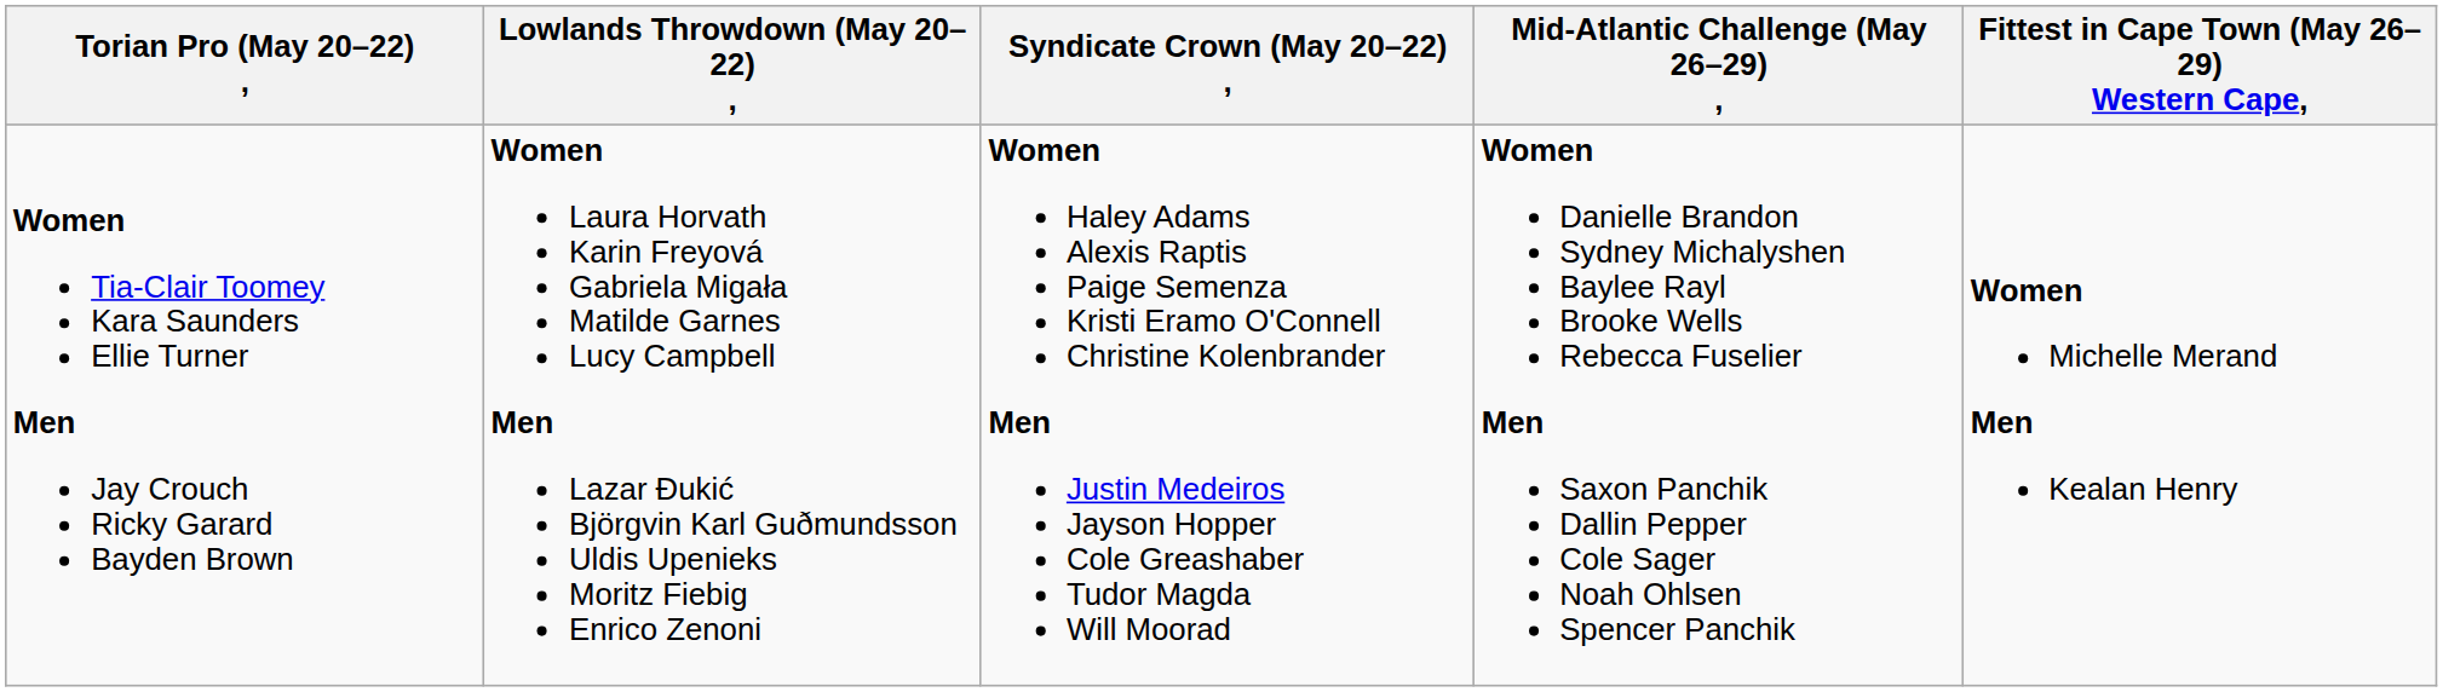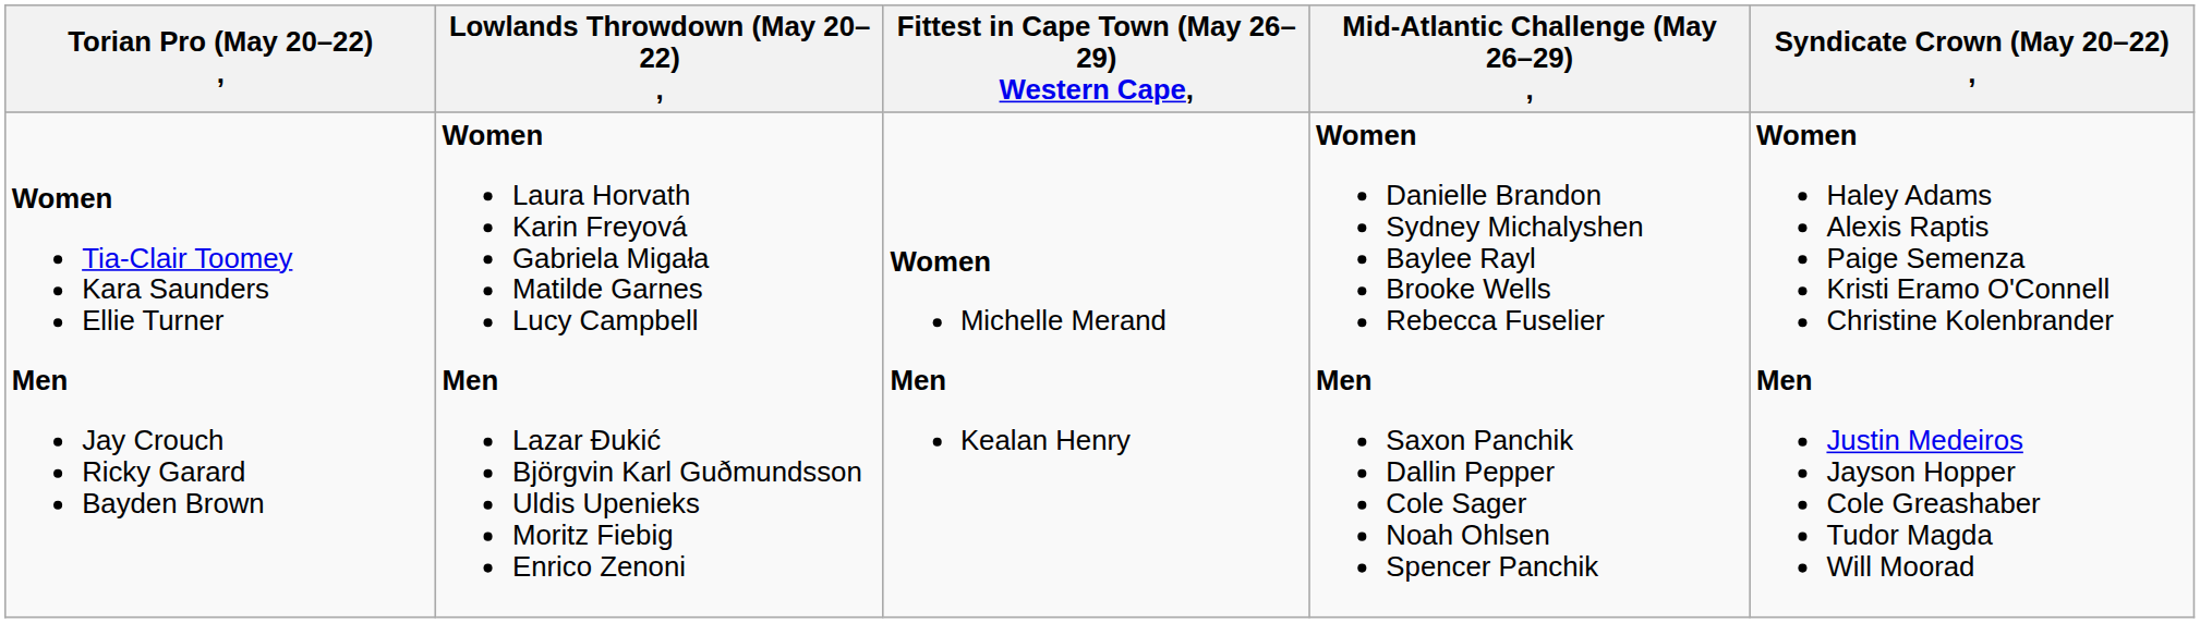 <table class="wikitable">
 <tr>
 <th style="width: 18em;">Torian Pro (May 20–22) <br>, </th>
 <th style="width: 18em;">Lowlands Throwdown (May 20–22)<br> , </th>
+<th style="width: 18em;">Fittest in Cape Town (May 26–29) <br> <a href='#'>Western Cape</a>, </th>
+<th style="width: 18em;">Mid-Atlantic Challenge (May 26–29) <br>, </th>
 <th style="width: 18em;">Syndicate Crown (May 20–22) <br>, </th>
-<th style="width: 18em;">Mid-Atlantic Challenge (May 26–29) <br>, </th>
-<th style="width: 18em;">Fittest in Cape Town (May 26–29) <br> <a href='#'>Western Cape</a>, </th>
 </tr>
 <tr>
 <td><strong>Women</strong><br><ul><li> <a href='#'>Tia-Clair Toomey</a></li><li> Kara Saunders</li><li> Ellie Turner</li></ul><strong>Men</strong><ul><li> Jay Crouch</li><li> Ricky Garard</li><li> Bayden Brown</li></ul></td>
 <td><strong>Women</strong><br><ul><li> Laura Horvath</li><li> Karin Freyová</li><li> Gabriela Migała</li><li> Matilde Garnes</li><li> Lucy Campbell</li></ul><strong>Men</strong><ul><li> Lazar Đukić</li><li> Björgvin Karl Guðmundsson</li><li> Uldis Upenieks</li><li> Moritz Fiebig</li><li> Enrico Zenoni</li></ul></td>
+<td><strong>Women</strong><br><ul><li> Michelle Merand</li></ul><strong>Men</strong><ul><li> Kealan Henry</li></ul></td>
+<td><strong>Women</strong><br><ul><li> Danielle Brandon</li><li> Sydney Michalyshen</li><li> Baylee Rayl</li><li> Brooke Wells</li><li> Rebecca Fuselier</li></ul><strong>Men</strong><ul><li> Saxon Panchik</li><li> Dallin Pepper</li><li> Cole Sager</li><li> Noah Ohlsen</li><li> Spencer Panchik</li></ul></td>
 <td><strong>Women</strong><br><ul><li> Haley Adams</li><li> Alexis Raptis</li><li> Paige Semenza</li><li> Kristi Eramo O'Connell</li><li> Christine Kolenbrander</li></ul><strong>Men</strong><ul><li> <a href='#'>Justin Medeiros</a></li><li> Jayson Hopper</li><li> Cole Greashaber</li><li> Tudor Magda</li><li> Will Moorad</li></ul></td>
-<td><strong>Women</strong><br><ul><li> Danielle Brandon</li><li> Sydney Michalyshen</li><li> Baylee Rayl</li><li> Brooke Wells</li><li> Rebecca Fuselier</li></ul><strong>Men</strong><ul><li> Saxon Panchik</li><li> Dallin Pepper</li><li> Cole Sager</li><li> Noah Ohlsen</li><li> Spencer Panchik</li></ul></td>
-<td><strong>Women</strong><br><ul><li> Michelle Merand</li></ul><strong>Men</strong><ul><li> Kealan Henry</li></ul></td>
 </tr>
 </table>
